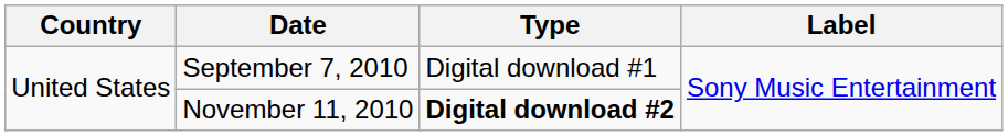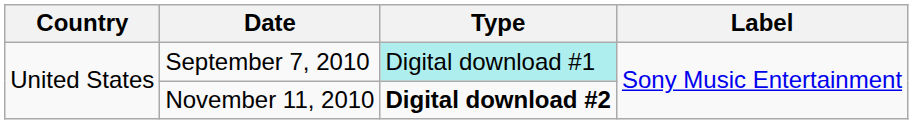 <table class="wikitable">
 <tr>
 <th>Country</th>
 <th>Date</th>
 <th>Type</th>
 <th>Label</th>
 </tr>
 <tr>
 <td rowspan="2">United States</td>
 <td>September 7, 2010</td>
-<td>Digital download #1</td>
+<td style="background: paleturquoise;">Digital download #1</td>
 <td rowspan="2"><a href='#'>Sony Music Entertainment</a></td>
 </tr>
 <tr>
 <td>November 11, 2010</td>
 <td><strong>Digital download #2</strong></td>
 </tr>
 </table>
